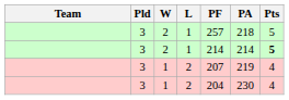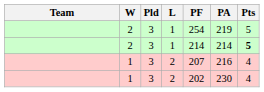 <table class="wikitable" style="text-align:center;">
 <tr>
 <th width=170>Team</th>
+<th width=25>W</th>
 <th width=25>Pld</th>
-<th width=25>W</th>
 <th width=25>L</th>
 <th width=35>PF</th>
 <th width=35>PA</th>
 <th width=25>Pts</th>
 </tr>
 <tr bgcolor=#ccffcc>
 <td align="left"></td>
+<td>2</td>
 <td>3</td>
-<td>2</td>
 <td>1</td>
-<td>257</td>
-<td>218</td>
+<td>254</td>
+<td>219</td>
 <td>5</td>
 </tr>
 <tr bgcolor=#ccffcc>
 <td align="left"></td>
+<td>2</td>
 <td>3</td>
-<td>2</td>
 <td>1</td>
 <td>214</td>
 <td>214</td>
 <td><strong>5</strong></td>
 </tr>
 <tr bgcolor=#ffcccc>
 <td align="left"></td>
+<td>1</td>
 <td>3</td>
-<td>1</td>
 <td>2</td>
 <td>207</td>
-<td>219</td>
+<td>216</td>
 <td>4</td>
 </tr>
 <tr bgcolor=#ffcccc>
 <td align="left"></td>
+<td>1</td>
 <td>3</td>
-<td>1</td>
 <td>2</td>
-<td>204</td>
+<td>202</td>
 <td>230</td>
 <td>4</td>
 </tr>
 </table>
